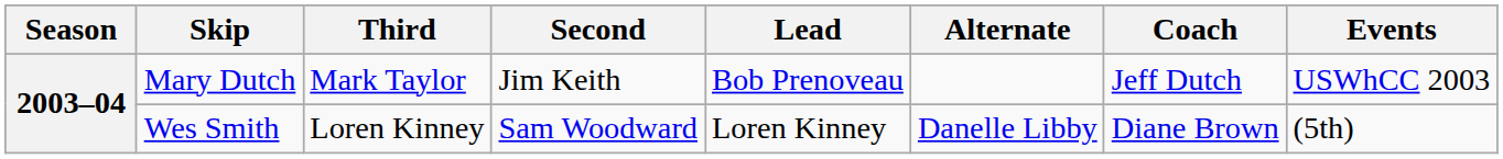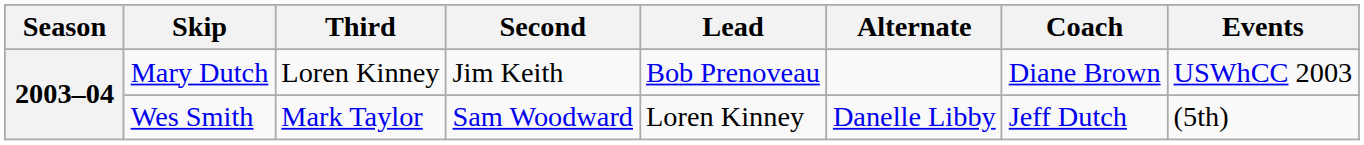 <table class="wikitable">
 <tr>
 <th scope="col" width=60>Season</th>
 <th scope="col">Skip</th>
 <th scope="col">Third</th>
 <th scope="col">Second</th>
 <th scope="col">Lead</th>
 <th scope="col">Alternate</th>
 <th scope="col">Coach</th>
 <th scope="col">Events</th>
 </tr>
 <tr>
 <th scope="row" rowspan=2>2003–04</th>
 <td><a href='#'>Mary Dutch</a></td>
-<td><a href='#'>Mark Taylor</a></td>
+<td>Loren Kinney</td>
 <td>Jim Keith</td>
 <td><a href='#'>Bob Prenoveau</a></td>
 <td></td>
-<td><a href='#'>Jeff Dutch</a></td>
+<td><a href='#'>Diane Brown</a></td>
 <td><a href='#'>USWhCC</a> 2003 </td>
 </tr>
 <tr>
 <td><a href='#'>Wes Smith</a></td>
-<td>Loren Kinney</td>
+<td><a href='#'>Mark Taylor</a></td>
 <td><a href='#'>Sam Woodward</a></td>
 <td>Loren Kinney</td>
 <td><a href='#'>Danelle Libby</a></td>
-<td><a href='#'>Diane Brown</a></td>
+<td><a href='#'>Jeff Dutch</a></td>
 <td> (5th)</td>
 </tr>
 </table>
